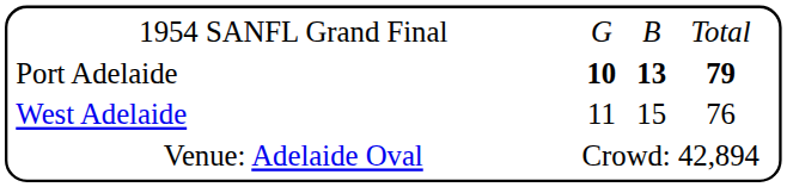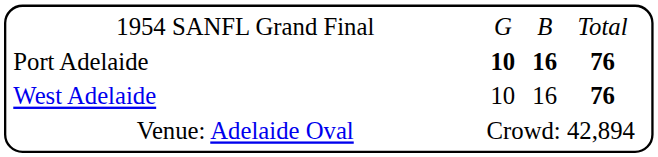 <table style="margin-right:4px; margin-top:8px; float:left; border:1px #000 solid; border-radius:8px; background:#fff; font-family:Verdana; font-size:8pt; text-align:center;">
 <tr>
 <td width=200>1954 SANFL Grand Final</td>
 <td><em>G</em></td>
 <td><em>B</em></td>
 <td><em>Total</em></td>
 </tr>
 <tr>
 <td style="text-align:left">Port Adelaide</td>
 <td><strong>10</strong></td>
-<td><strong>13</strong></td>
-<td><strong>79</strong></td>
+<td><strong>16</strong></td>
+<td><strong>76</strong></td>
 </tr>
 <tr>
 <td style="text-align:left"><a href='#'>West Adelaide</a></td>
-<td>11</td>
-<td>15</td>
-<td>76</td>
+<td>10</td>
+<td>16</td>
+<td><strong>76</strong></td>
 </tr>
 <tr>
 <td>Venue: <a href='#'>Adelaide Oval</a></td>
 <td colspan=3>Crowd: 42,894</td>
 <td colspan=3></td>
 </tr>
 </table>
